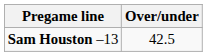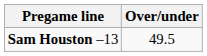 <table class="wikitable">
 <tr align="center">
 <th>Pregame line</th>
 <th>Over/under</th>
 </tr>
 <tr align="center">
 <td><strong>Sam Houston</strong> –13</td>
-<td>42.5</td>
+<td>49.5</td>
 </tr>
 </table>
